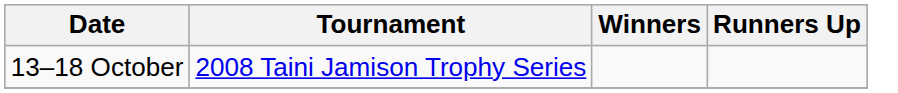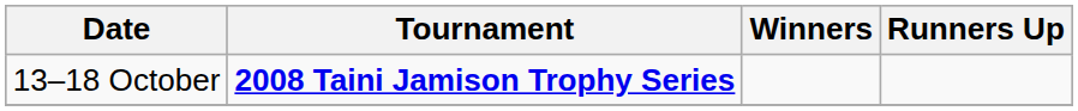 <table class="wikitable collapsible">
 <tr>
 <th>Date</th>
 <th>Tournament</th>
 <th>Winners</th>
 <th>Runners Up</th>
 </tr>
 <tr>
 <td>13–18 October</td>
-<td><a href='#'>2008 Taini Jamison Trophy Series</a></td>
+<td><strong><a href='#'>2008 Taini Jamison Trophy Series</a></strong></td>
 <td></td>
 <td></td>
 </tr>
 <tr>
 </tr>
 </table>
